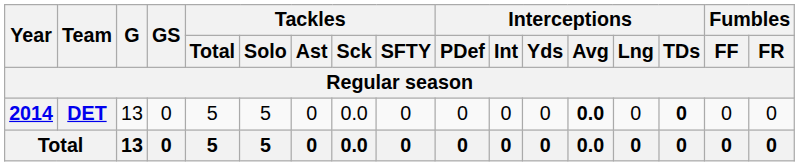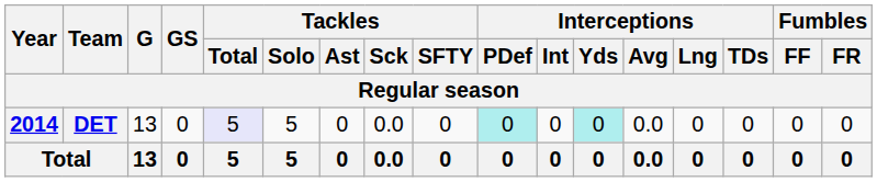 <table class="wikitable" style="text-align: center;">
 <tr>
 <th rowspan=2>Year</th>
 <th rowspan=2>Team</th>
 <th rowspan=2>G</th>
 <th rowspan=2>GS</th>
 <th colspan=5>Tackles</th>
 <th colspan=6>Interceptions</th>
 <th colspan=2>Fumbles</th>
 </tr>
 <tr>
 <th>Total</th>
 <th>Solo</th>
 <th>Ast</th>
 <th>Sck</th>
 <th>SFTY</th>
 <th>PDef</th>
 <th>Int</th>
 <th>Yds</th>
 <th>Avg</th>
 <th>Lng</th>
 <th>TDs</th>
 <th>FF</th>
 <th>FR</th>
 </tr>
 <tr>
 <th colspan=17><strong>Regular season</strong></th>
 </tr>
 <tr>
 <th><a href='#'>2014</a></th>
 <th><a href='#'>DET</a></th>
 <td>13</td>
 <td>0</td>
-<td>5</td>
+<td style="background: lavender;">5</td>
 <td>5</td>
 <td>0</td>
 <td>0.0</td>
 <td>0</td>
+<td style="background: paleturquoise;">0</td>
+<td>0</td>
+<td style="background: paleturquoise;">0</td>
+<td>0.0</td>
 <td>0</td>
 <td>0</td>
-<td>0</td>
-<td><strong>0.0</strong></td>
-<td>0</td>
-<td><strong>0</strong></td>
 <td>0</td>
 <td>0</td>
 </tr>
 <tr>
 <th colspan=2>Total</th>
 <th>13</th>
 <th>0</th>
 <th>5</th>
 <th>5</th>
 <th>0</th>
 <th>0.0</th>
 <th>0</th>
 <th>0</th>
 <th>0</th>
 <th>0</th>
 <th>0.0</th>
 <th>0</th>
 <th>0</th>
 <th>0</th>
 <th>0</th>
 </tr>
 </table>
